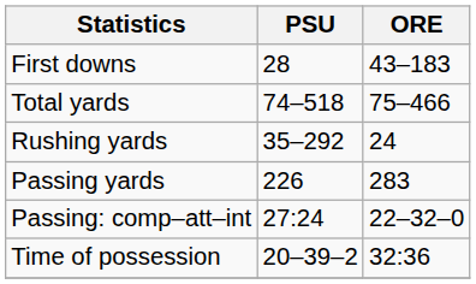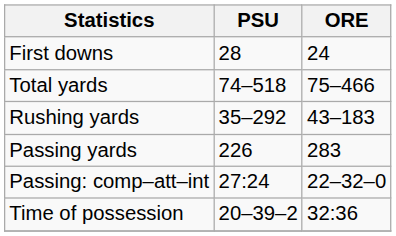 <table class="wikitable" style="float: left;">
 <tr>
 <th>Statistics</th>
 <th>PSU</th>
 <th>ORE</th>
 </tr>
 <tr>
 <td>First downs</td>
 <td>28</td>
-<td>43–183</td>
+<td>24</td>
 </tr>
 <tr>
 <td>Total yards</td>
 <td>74–518</td>
 <td>75–466</td>
 </tr>
 <tr>
 <td>Rushing yards</td>
 <td>35–292</td>
-<td>24</td>
+<td>43–183</td>
 </tr>
 <tr>
 <td>Passing yards</td>
 <td>226</td>
 <td>283</td>
 </tr>
 <tr>
 <td>Passing: comp–att–int</td>
 <td>27:24</td>
 <td>22–32–0</td>
 </tr>
 <tr>
 <td>Time of possession</td>
 <td>20–39–2</td>
 <td>32:36</td>
 </tr>
 <tr>
 </tr>
 </table>
